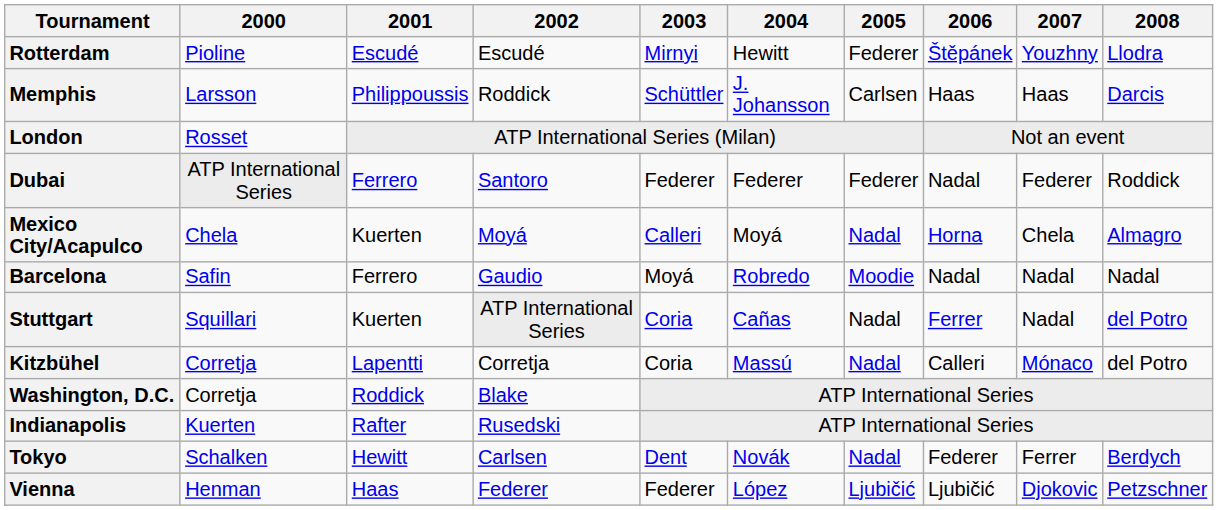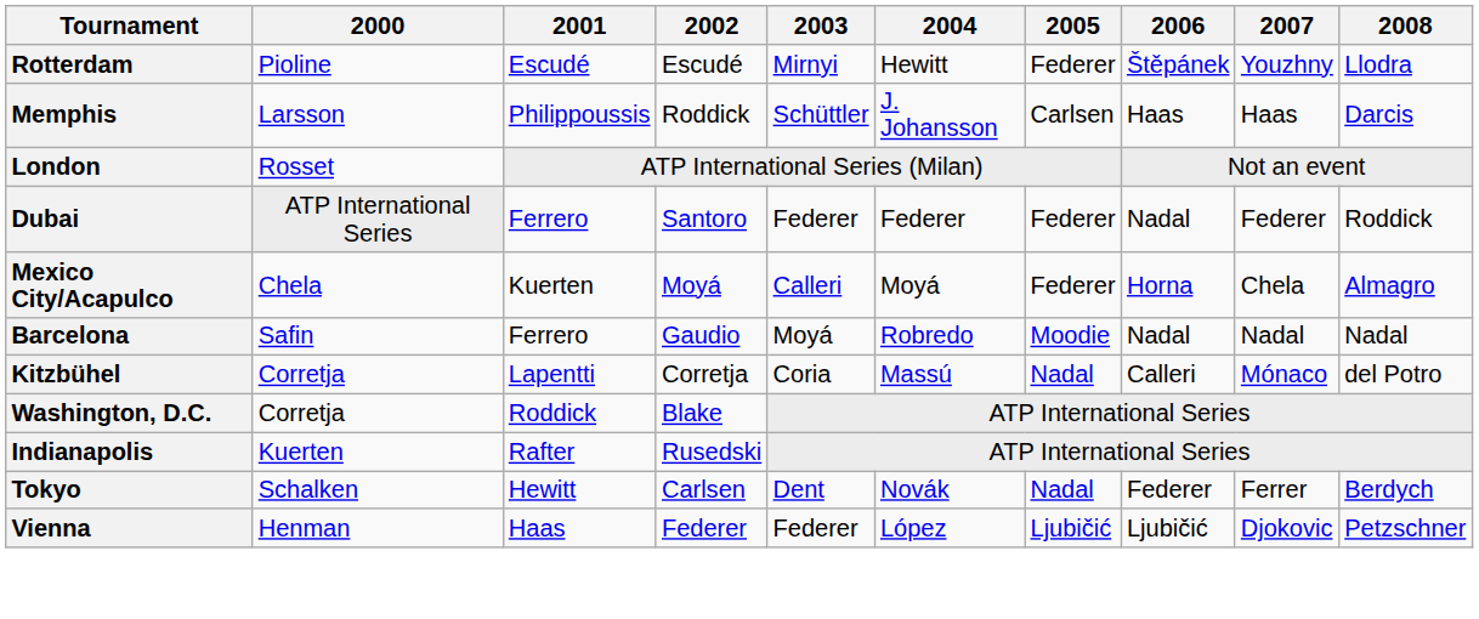 <table class="wikitable nowrap plainrowheaders" style="font-size:90%;">
 <tr bgcolor="#ececec">
 <th>Tournament</th>
 <th>2000</th>
 <th>2001</th>
 <th>2002</th>
 <th>2003</th>
 <th>2004</th>
 <th>2005</th>
 <th>2006</th>
 <th>2007</th>
 <th>2008</th>
 </tr>
 <tr>
 <th style="text-align: left;">Rotterdam</th>
 <td> <a href='#'>Pioline</a></td>
 <td> <a href='#'>Escudé</a></td>
 <td> Escudé</td>
 <td> <a href='#'>Mirnyi</a></td>
 <td> Hewitt</td>
 <td> Federer</td>
 <td> <a href='#'>Štěpánek</a></td>
 <td> <a href='#'>Youzhny</a></td>
 <td> <a href='#'>Llodra</a></td>
 </tr>
 <tr>
 <th style="text-align: left;">Memphis</th>
 <td> <a href='#'>Larsson</a></td>
 <td> <a href='#'>Philippoussis</a></td>
 <td> Roddick</td>
 <td> <a href='#'>Schüttler</a></td>
 <td> <a href='#'>J. Johansson</a></td>
 <td> Carlsen</td>
 <td> Haas</td>
 <td> Haas</td>
 <td> <a href='#'>Darcis</a></td>
 </tr>
 <tr>
 <th style="text-align: left;">London</th>
 <td> <a href='#'>Rosset</a></td>
 <td bgcolor="#ececec" align="center" colspan=5><span>ATP International Series (Milan)</span></td>
 <td bgcolor="#ececec" align="center" colspan=3><span>Not an event</span></td>
 </tr>
 <tr>
 <th style="text-align: left;">Dubai</th>
 <td bgcolor="#ececec" align="center"><span>ATP International Series</span></td>
 <td> <a href='#'>Ferrero</a></td>
 <td> <a href='#'>Santoro</a></td>
 <td> Federer</td>
 <td> Federer</td>
 <td> Federer</td>
 <td> Nadal</td>
 <td> Federer</td>
 <td> Roddick</td>
 </tr>
 <tr>
 <th style="text-align: left;">Mexico City/Acapulco</th>
 <td> <a href='#'>Chela</a></td>
 <td> Kuerten</td>
 <td> <a href='#'>Moyá</a></td>
 <td> <a href='#'>Calleri</a></td>
 <td> Moyá</td>
-<td> <a href='#'>Nadal</a></td>
+<td> Federer</td>
 <td> <a href='#'>Horna</a></td>
 <td> Chela</td>
 <td> <a href='#'>Almagro</a></td>
 </tr>
 <tr>
 <th style="text-align: left;">Barcelona</th>
 <td> <a href='#'>Safin</a></td>
 <td> Ferrero</td>
 <td> <a href='#'>Gaudio</a></td>
 <td> Moyá</td>
 <td> <a href='#'>Robredo</a></td>
 <td> <a href='#'>Moodie</a></td>
 <td> Nadal</td>
 <td> Nadal</td>
 <td> Nadal</td>
-</tr>
-<tr>
-<th style="text-align: left;">Stuttgart</th>
-<td> <a href='#'>Squillari</a></td>
-<td> Kuerten</td>
-<td bgcolor="#ececec" align="center"><span>ATP International Series</span></td>
-<td> <a href='#'>Coria</a></td>
-<td> <a href='#'>Cañas</a></td>
-<td> Nadal</td>
-<td> <a href='#'>Ferrer</a></td>
-<td> Nadal</td>
-<td> <a href='#'>del Potro</a></td>
 </tr>
 <tr>
 <th style="text-align: left;">Kitzbühel</th>
 <td> <a href='#'>Corretja</a></td>
 <td> <a href='#'>Lapentti</a></td>
 <td> Corretja</td>
 <td> Coria</td>
 <td> <a href='#'>Massú</a></td>
 <td> <a href='#'>Nadal</a></td>
 <td> Calleri</td>
 <td> <a href='#'>Mónaco</a></td>
 <td> del Potro</td>
 </tr>
 <tr>
 <th style="text-align: left;">Washington, D.C.</th>
 <td> Corretja</td>
 <td> <a href='#'>Roddick</a></td>
 <td> <a href='#'>Blake</a></td>
 <td bgcolor="#ececec" align="center" colspan=6><span>ATP International Series</span></td>
 </tr>
 <tr>
 <th style="text-align: left;">Indianapolis</th>
 <td> <a href='#'>Kuerten</a></td>
 <td> <a href='#'>Rafter</a></td>
 <td> <a href='#'>Rusedski</a></td>
 <td bgcolor="#ececec" align="center" colspan=6><span>ATP International Series</span></td>
 </tr>
 <tr>
 <th style="text-align: left;">Tokyo</th>
 <td> <a href='#'>Schalken</a></td>
 <td> <a href='#'>Hewitt</a></td>
 <td> <a href='#'>Carlsen</a></td>
 <td> <a href='#'>Dent</a></td>
 <td> <a href='#'>Novák</a></td>
 <td> <a href='#'>Nadal</a></td>
 <td> Federer</td>
 <td> Ferrer</td>
 <td> <a href='#'>Berdych</a></td>
 </tr>
 <tr>
 <th style="text-align: left;">Vienna</th>
 <td> <a href='#'>Henman</a></td>
 <td> <a href='#'>Haas</a></td>
 <td> <a href='#'>Federer</a></td>
 <td> Federer</td>
 <td> <a href='#'>López</a></td>
 <td> <a href='#'>Ljubičić</a></td>
 <td> Ljubičić</td>
 <td> <a href='#'>Djokovic</a></td>
 <td> <a href='#'>Petzschner</a></td>
 </tr>
 </table>
